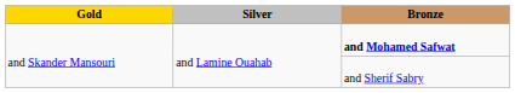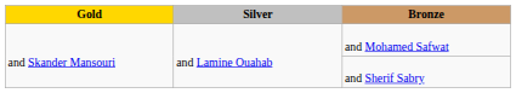 <table class="wikitable" style="text-align:left">
 <tr align="center">
 <td width=220 bgcolor=gold><strong>Gold</strong></td>
 <td width=220 bgcolor=silver><strong>Silver</strong></td>
 <td width=220 bgcolor=CC9966><strong>Bronze</strong></td>
 </tr>
 <tr>
 <td rowspan=2><br> and <a href='#'>Skander Mansouri</a></td>
 <td rowspan=2><br> and <a href='#'>Lamine Ouahab</a></td>
-<td><strong><br> and <a href='#'>Mohamed Safwat</a></strong></td>
+<td><br> and <a href='#'>Mohamed Safwat</a></td>
 </tr>
 <tr>
 <td><br> and <a href='#'>Sherif Sabry</a></td>
 </tr>
 </table>
